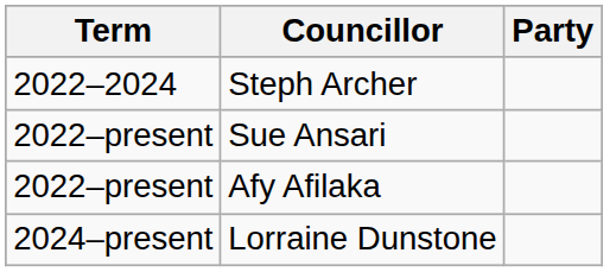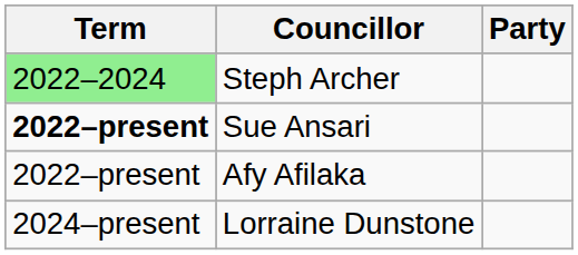 <table class="wikitable">
 <tr>
 <th>Term</th>
 <th>Councillor</th>
 <th colspan=2>Party</th>
 </tr>
 <tr>
-<td>2022–2024</td>
+<td style="background: lightgreen;">2022–2024</td>
 <td>Steph Archer</td>
 <td></td>
 </tr>
 <tr>
-<td>2022–present</td>
+<td><strong>2022–present</strong></td>
 <td>Sue Ansari</td>
 <td></td>
 </tr>
 <tr>
 <td>2022–present</td>
 <td>Afy Afilaka</td>
 <td></td>
 </tr>
 <tr>
 <td>2024–present</td>
 <td>Lorraine Dunstone</td>
 <td></td>
 </tr>
 </table>
